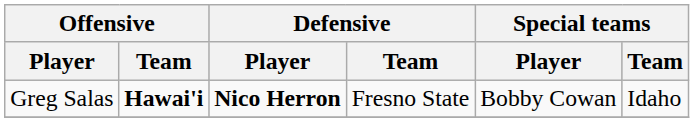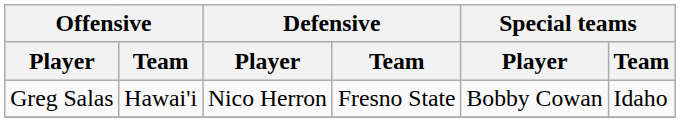 <table class="wikitable" border="1">
 <tr>
 <th colspan="2">Offensive</th>
 <th colspan="2">Defensive</th>
 <th colspan="2">Special teams</th>
 </tr>
 <tr>
 <th>Player</th>
 <th>Team</th>
 <th>Player</th>
 <th>Team</th>
 <th>Player</th>
 <th>Team</th>
 </tr>
 <tr>
 <td>Greg Salas</td>
-<td><strong>Hawai'i</strong></td>
-<td><strong>Nico Herron</strong></td>
+<td>Hawai'i</td>
+<td>Nico Herron</td>
 <td>Fresno State</td>
 <td>Bobby Cowan</td>
 <td>Idaho</td>
 </tr>
 <tr>
 </tr>
 </table>
